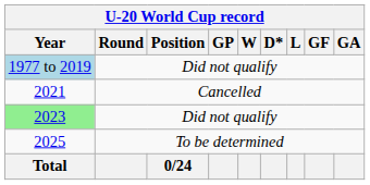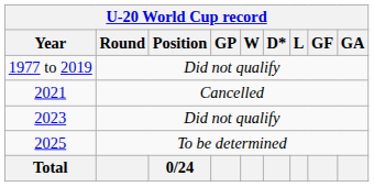 <table class="wikitable" style="text-align: center;">
 <tr>
 <th colspan=9><a href='#'>U-20 World Cup record</a></th>
 </tr>
 <tr>
 <th>Year</th>
 <th>Round</th>
 <th>Position</th>
 <th>GP</th>
 <th>W</th>
 <th>D*</th>
 <th>L</th>
 <th>GF</th>
 <th>GA</th>
 </tr>
 <tr>
-<td style="background: lightblue;"><a href='#'>1977</a> to <a href='#'>2019</a></td>
+<td><a href='#'>1977</a> to <a href='#'>2019</a></td>
 <td colspan=8><em>Did not qualify</em></td>
 </tr>
 <tr>
 <td> <a href='#'>2021</a></td>
 <td colspan=8><em>Cancelled</em></td>
 </tr>
 <tr>
-<td style="background: lightgreen;"> <a href='#'>2023</a></td>
+<td> <a href='#'>2023</a></td>
 <td rowspan=1 colspan=8><em>Did not qualify</em></td>
 </tr>
 <tr>
 <td> <a href='#'>2025</a></td>
 <td rowspan=1 colspan=8><em>To be determined</em></td>
 </tr>
 <tr>
 <th><strong>Total</strong></th>
 <th></th>
 <th>0/24</th>
 <th></th>
 <th></th>
 <th></th>
 <th></th>
 <th></th>
 <th></th>
 </tr>
 </table>
